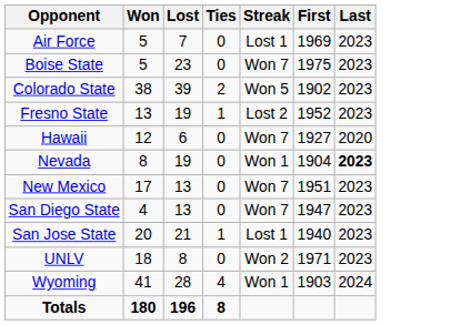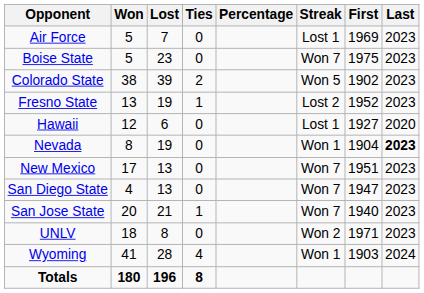 <table class="wikitable" style="text-align:center">
 <tr>
 <th>Opponent</th>
 <th>Won</th>
 <th>Lost</th>
 <th>Ties</th>
+<th>Percentage</th>
 <th>Streak</th>
 <th>First</th>
 <th>Last</th>
 </tr>
 <tr style="text-align:center;">
 <td><a href='#'>Air Force</a></td>
 <td>5</td>
 <td>7</td>
 <td>0</td>
+<td></td>
 <td>Lost 1</td>
 <td>1969</td>
 <td>2023</td>
 </tr>
 <tr style="text-align:center;">
 <td><a href='#'>Boise State</a></td>
 <td>5</td>
 <td>23</td>
 <td>0</td>
+<td></td>
 <td>Won 7</td>
 <td>1975</td>
 <td>2023</td>
 </tr>
 <tr style="text-align:center;">
 <td><a href='#'>Colorado State</a></td>
 <td>38</td>
 <td>39</td>
 <td>2</td>
+<td></td>
 <td>Won 5</td>
 <td>1902</td>
 <td>2023</td>
 </tr>
 <tr style="text-align:center;">
 <td><a href='#'>Fresno State</a></td>
 <td>13</td>
 <td>19</td>
 <td>1</td>
+<td></td>
 <td>Lost 2</td>
 <td>1952</td>
 <td>2023</td>
 </tr>
 <tr style="text-align:center;">
 <td><a href='#'>Hawaii</a></td>
 <td>12</td>
 <td>6</td>
 <td>0</td>
-<td>Won 7</td>
+<td></td>
+<td>Lost 1</td>
 <td>1927</td>
 <td>2020</td>
 </tr>
 <tr style="text-align:center;">
 <td><a href='#'>Nevada</a></td>
 <td>8</td>
 <td>19</td>
 <td>0</td>
+<td></td>
 <td>Won 1</td>
 <td>1904</td>
 <td><strong>2023</strong></td>
 </tr>
 <tr style="text-align:center;">
 <td><a href='#'>New Mexico</a></td>
 <td>17</td>
 <td>13</td>
 <td>0</td>
+<td></td>
 <td>Won 7</td>
 <td>1951</td>
 <td>2023</td>
 </tr>
 <tr style="text-align:center;">
 <td><a href='#'>San Diego State</a></td>
 <td>4</td>
 <td>13</td>
 <td>0</td>
+<td></td>
 <td>Won 7</td>
 <td>1947</td>
 <td>2023</td>
 </tr>
 <tr style="text-align:center;">
 <td><a href='#'>San Jose State</a></td>
 <td>20</td>
 <td>21</td>
 <td>1</td>
-<td>Lost 1</td>
+<td></td>
+<td>Won 7</td>
 <td>1940</td>
 <td>2023</td>
 </tr>
 <tr style="text-align:center;">
 <td><a href='#'>UNLV</a></td>
 <td>18</td>
 <td>8</td>
 <td>0</td>
+<td></td>
 <td>Won 2</td>
 <td>1971</td>
 <td>2023</td>
 </tr>
 <tr style="text-align:center;">
 <td><a href='#'>Wyoming</a></td>
 <td>41</td>
 <td>28</td>
 <td>4</td>
+<td></td>
 <td>Won 1</td>
 <td>1903</td>
 <td>2024</td>
 </tr>
 <tr class="unsortable" style="text-align:center; ">
 <td><strong>Totals</strong></td>
 <td><strong>180</strong></td>
 <td><strong>196</strong></td>
 <td><strong>8</strong></td>
+<td><strong></strong></td>
 <td></td>
 <td></td>
 <td></td>
 </tr>
 </table>
